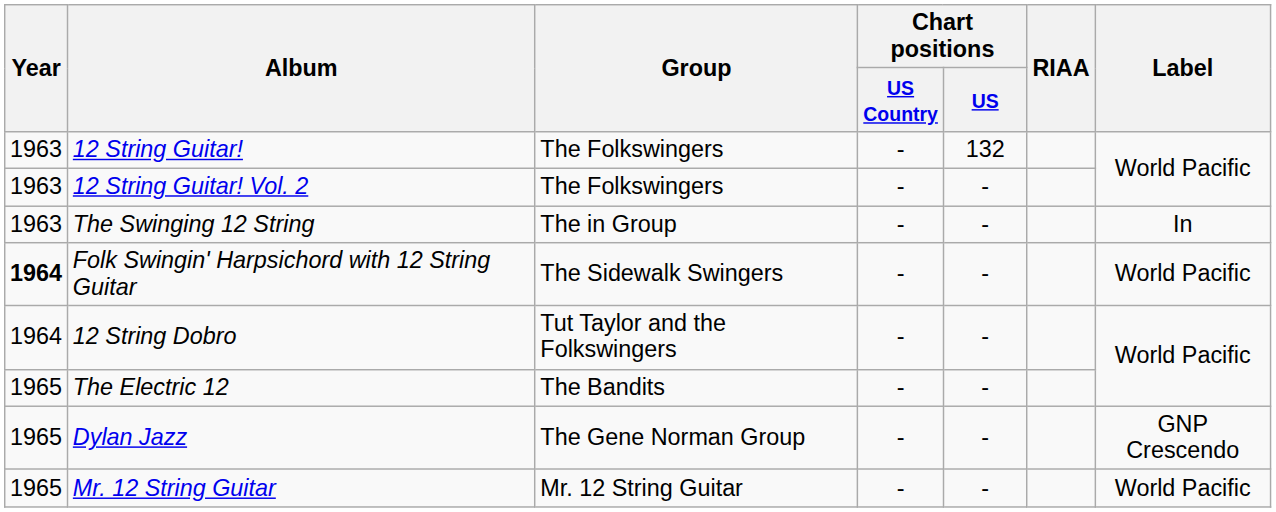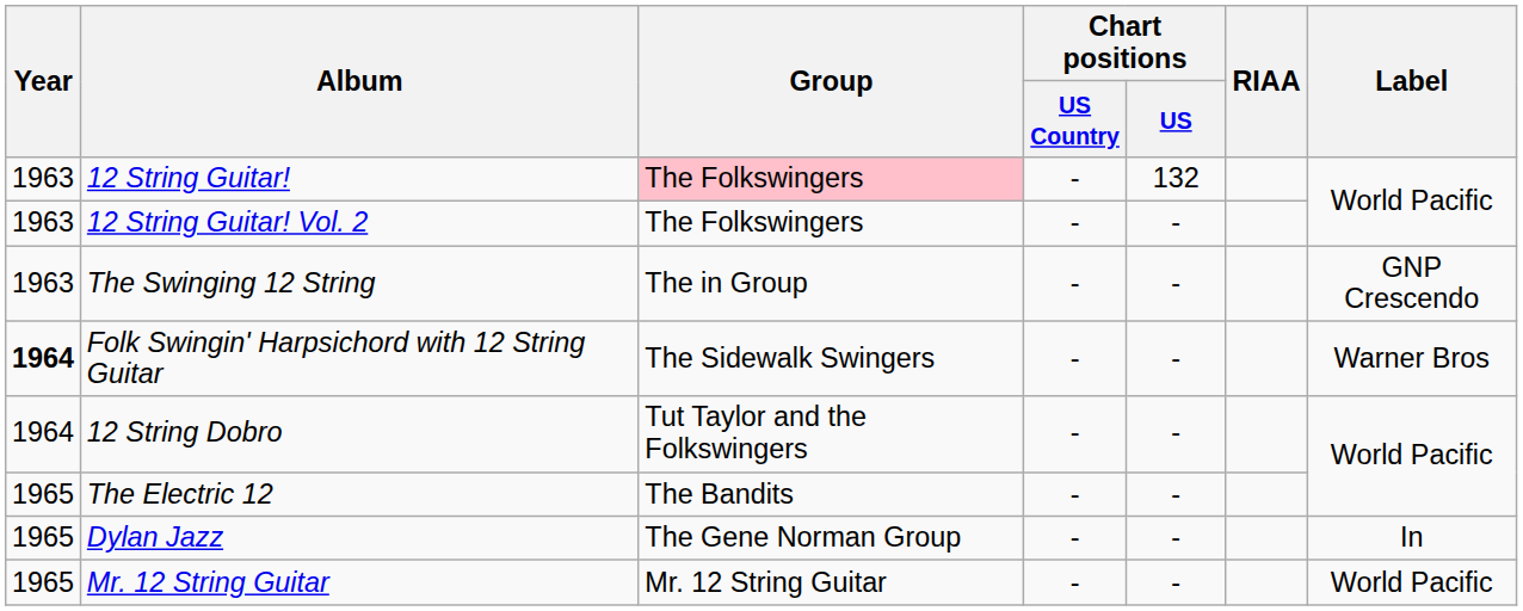 <table class="wikitable">
 <tr>
 <th rowspan="2">Year</th>
 <th rowspan="2">Album<br> </th>
 <th rowspan="2">Group</th>
 <th colspan="2">Chart positions<br></th>
 <th rowspan="2">RIAA</th>
 <th rowspan="2">Label</th>
 </tr>
 <tr>
 <th width="50"><small><a href='#'>US Country</a></small></th>
 <th width="50"><small><a href='#'>US</a></small></th>
 </tr>
 <tr>
 <td>1963</td>
 <td><em><a href='#'>12 String Guitar!</a></em></td>
-<td>The Folkswingers</td>
+<td style="background: pink;">The Folkswingers</td>
 <td align="center">-</td>
 <td align="center">132</td>
 <td></td>
 <td align="center" rowspan=2>World Pacific</td>
 </tr>
 <tr>
 <td>1963</td>
 <td><em><a href='#'>12 String Guitar! Vol. 2</a></em></td>
 <td>The Folkswingers</td>
 <td align="center">-</td>
 <td align="center">-</td>
 <td></td>
 </tr>
 <tr>
 <td>1963</td>
 <td><em>The Swinging 12 String</em></td>
 <td>The in Group</td>
 <td align="center">-</td>
 <td align="center">-</td>
 <td></td>
-<td align="center">In</td>
+<td align="center">GNP Crescendo</td>
 </tr>
 <tr>
 <td><strong>1964</strong></td>
 <td><em>Folk Swingin' Harpsichord with 12 String Guitar</em></td>
 <td>The Sidewalk Swingers</td>
 <td align="center">-</td>
 <td align="center">-</td>
 <td></td>
-<td align="center">World Pacific</td>
+<td align="center">Warner Bros</td>
 </tr>
 <tr>
 <td>1964</td>
 <td><em>12 String Dobro</em></td>
 <td>Tut Taylor and the Folkswingers</td>
 <td align="center">-</td>
 <td align="center">-</td>
 <td></td>
 <td align="center" rowspan=2>World Pacific</td>
 </tr>
 <tr>
 <td>1965</td>
 <td><em>The Electric 12</em></td>
 <td>The Bandits</td>
 <td align="center">-</td>
 <td align="center">-</td>
 <td></td>
 </tr>
 <tr>
 <td>1965</td>
 <td><em><a href='#'>Dylan Jazz</a></em></td>
 <td>The Gene Norman Group</td>
 <td align="center">-</td>
 <td align="center">-</td>
 <td></td>
-<td align="center">GNP Crescendo</td>
+<td align="center">In</td>
 </tr>
 <tr>
 <td>1965</td>
 <td><em><a href='#'>Mr. 12 String Guitar</a></em></td>
 <td>Mr. 12 String Guitar</td>
 <td align="center">-</td>
 <td align="center">-</td>
 <td></td>
 <td align="center">World Pacific</td>
 </tr>
 </table>
